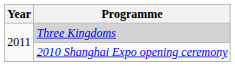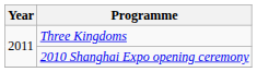 <table class="wikitable">
 <tr>
 <th>Year</th>
 <th>Programme</th>
 </tr>
 <tr>
 <td rowspan=2>2011</td>
-<td style="background: lightgrey;"> <em><a href='#'>Three Kingdoms</a></em></td>
+<td> <em><a href='#'>Three Kingdoms</a></em></td>
 </tr>
 <tr>
 <td> <em><a href='#'>2010 Shanghai Expo opening ceremony</a></em></td>
 </tr>
 <tr>
 </tr>
 </table>
